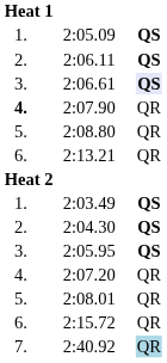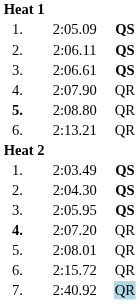 <table style="text-align:center">
 <tr>
 <td colspan=4 align=left><strong>Heat 1</strong></td>
 </tr>
 <tr>
 <td width=30>1.</td>
 <td align=left></td>
 <td width=80>2:05.09</td>
 <td><strong>QS</strong></td>
 </tr>
 <tr>
 <td>2.</td>
 <td align=left></td>
 <td>2:06.11</td>
 <td><strong>QS</strong></td>
 </tr>
 <tr>
 <td>3.</td>
 <td align=left></td>
 <td>2:06.61</td>
-<td style="background: lavender;"><strong>QS</strong></td>
+<td><strong>QS</strong></td>
 </tr>
 <tr>
-<td><strong>4.</strong></td>
+<td>4.</td>
 <td align=left></td>
 <td>2:07.90</td>
 <td>QR</td>
 </tr>
 <tr>
-<td>5.</td>
+<td><strong>5.</strong></td>
 <td align=left></td>
 <td>2:08.80</td>
 <td>QR</td>
 </tr>
 <tr>
 <td>6.</td>
 <td align=left></td>
 <td>2:13.21</td>
 <td>QR</td>
 </tr>
 <tr>
 <td colspan=4 align=left><strong>Heat 2</strong></td>
 </tr>
 <tr>
 <td>1.</td>
 <td align=left></td>
 <td>2:03.49</td>
 <td><strong>QS</strong></td>
 </tr>
 <tr>
 <td>2.</td>
 <td align=left></td>
 <td>2:04.30</td>
 <td><strong>QS</strong></td>
 </tr>
 <tr>
 <td>3.</td>
 <td align=left></td>
 <td>2:05.95</td>
 <td><strong>QS</strong></td>
 </tr>
 <tr>
-<td>4.</td>
+<td><strong>4.</strong></td>
 <td align=left></td>
 <td>2:07.20</td>
 <td>QR</td>
 </tr>
 <tr>
 <td>5.</td>
 <td align=left></td>
 <td>2:08.01</td>
 <td>QR</td>
 </tr>
 <tr>
 <td>6.</td>
 <td align=left></td>
 <td>2:15.72</td>
 <td>QR</td>
 </tr>
 <tr>
 <td>7.</td>
 <td align=left></td>
 <td>2:40.92</td>
 <td style="background: lightblue;">QR</td>
 </tr>
 </table>
